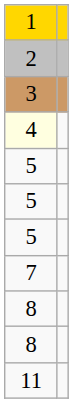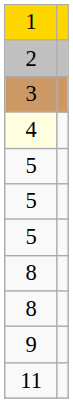 <table class="wikitable" style="text-align:center">
 <tr bgcolor=gold>
 <td width="30">1</td>
 <td align=left></td>
 </tr>
 <tr bgcolor=silver>
 <td>2</td>
 <td align=left></td>
 </tr>
 <tr bgcolor=cc9966>
 <td>3</td>
 <td align=left></td>
 </tr>
 <tr>
 <td style="background: lightyellow;">4</td>
 <td align=left></td>
 </tr>
 <tr>
 <td>5</td>
 <td align=left></td>
 </tr>
 <tr>
 <td>5</td>
 <td align=left></td>
 </tr>
 <tr>
 <td>5</td>
 <td align=left></td>
 </tr>
 <tr>
-<td>7</td>
-<td align=left></td>
-</tr>
-<tr>
 <td>8</td>
 <td align=left></td>
 </tr>
 <tr>
 <td>8</td>
 <td align=left></td>
 </tr>
 <tr>
+<td>9</td>
+<td align=left></td>
+</tr>
+<tr>
 <td>11</td>
 <td align=left></td>
 </tr>
 </table>
